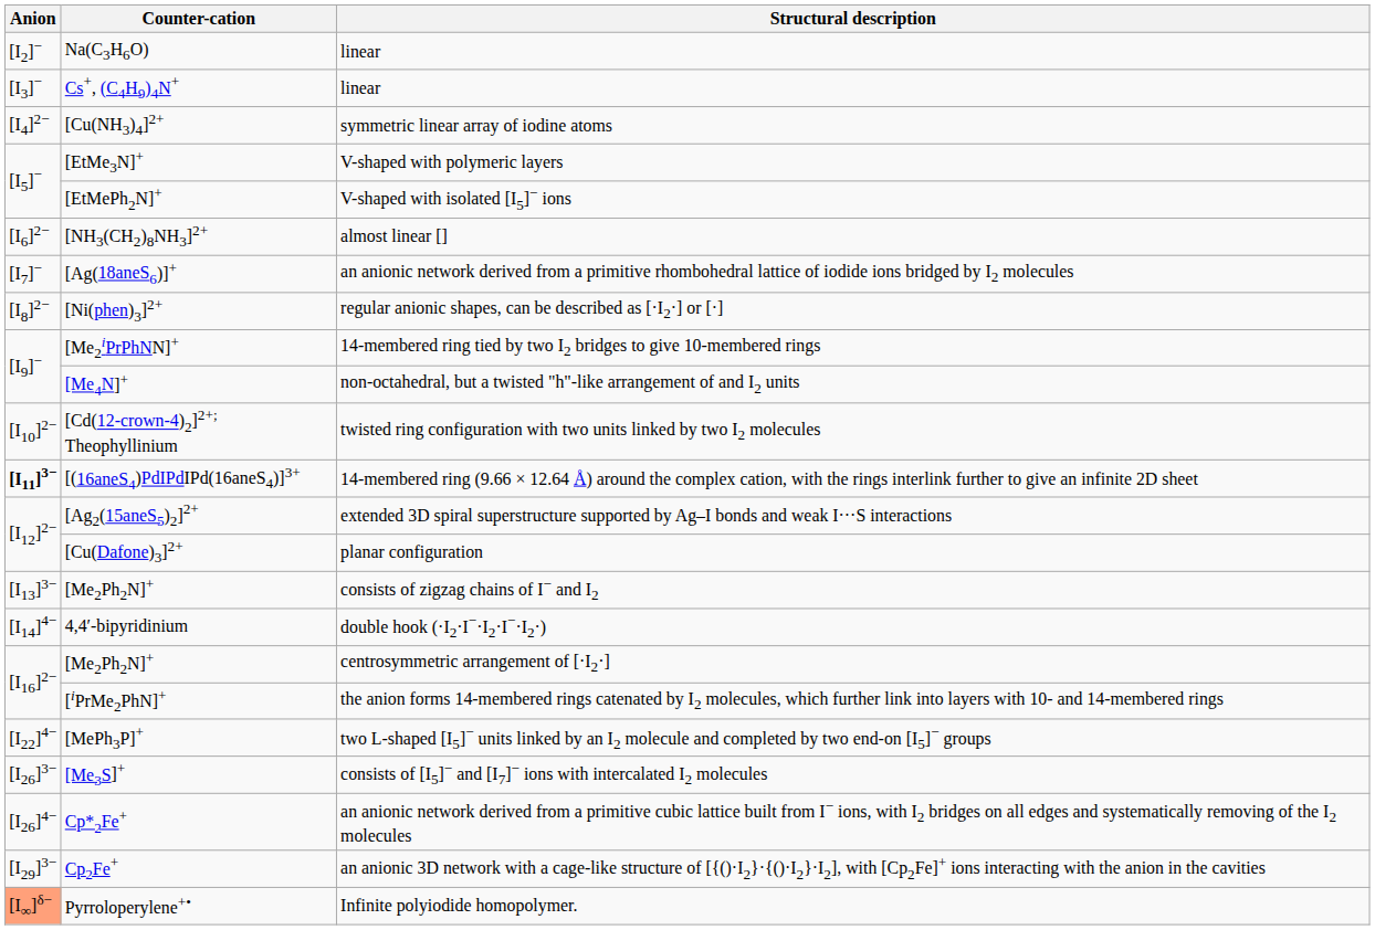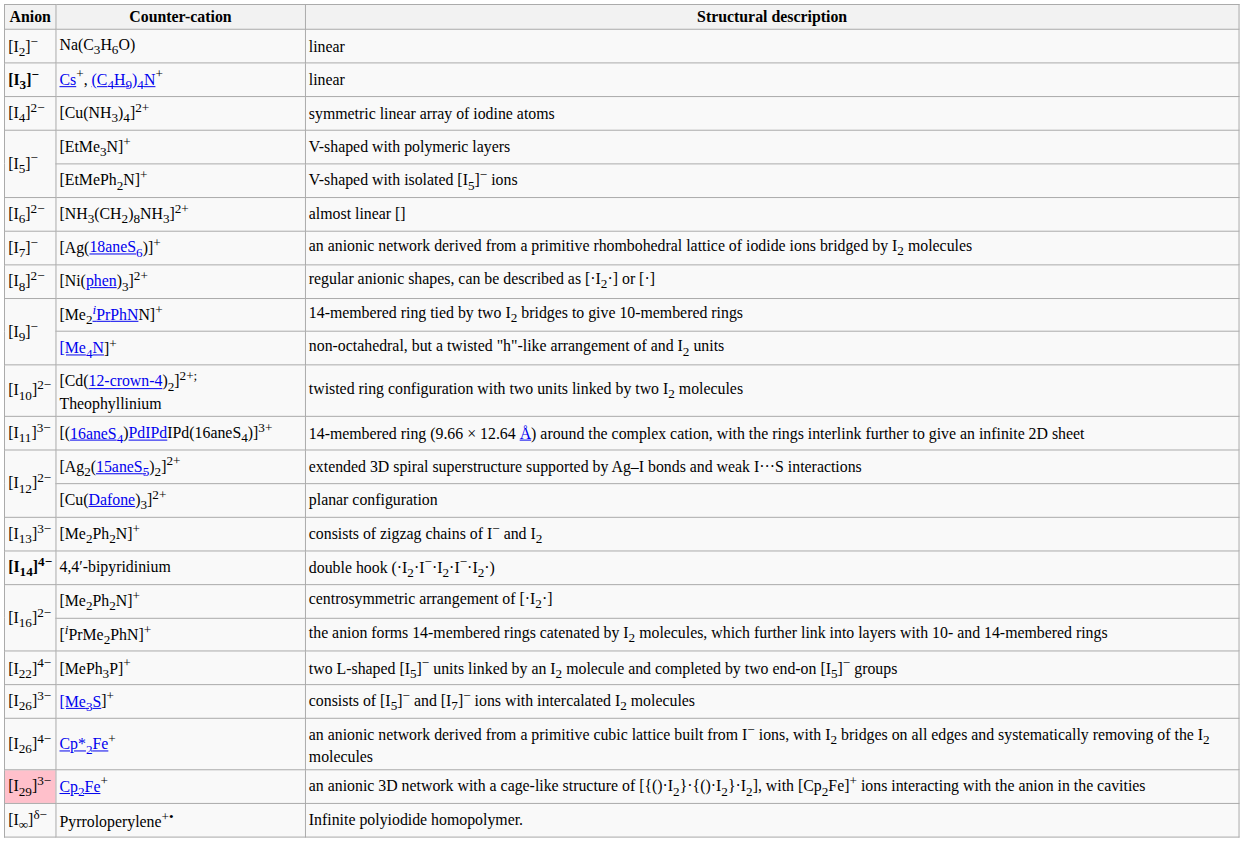 <table class="wikitable">
 <tr>
 <th>Anion</th>
 <th>Counter-cation</th>
 <th>Structural description</th>
 </tr>
 <tr>
 <td>[I<sub>2</sub>]<sup>−</sup></td>
 <td>Na(C<sub>3</sub>H<sub>6</sub>O)</td>
 <td>linear</td>
 </tr>
 <tr>
-<td>[I<sub>3</sub>]<sup>−</sup></td>
+<td><strong>[I<sub>3</sub>]<sup>−</sup></strong></td>
 <td><a href='#'>Cs</a><sup>+</sup>, <a href='#'>(C<sub>4</sub>H<sub>9</sub>)<sub>4</sub>N</a><sup>+</sup></td>
 <td>linear</td>
 </tr>
 <tr>
 <td>[I<sub>4</sub>]<sup>2−</sup></td>
 <td>[Cu(NH<sub>3</sub>)<sub>4</sub>]<sup>2+</sup></td>
 <td>symmetric linear array of iodine atoms</td>
 </tr>
 <tr>
 <td rowspan=2>[I<sub>5</sub>]<sup>−</sup></td>
 <td>[EtMe<sub>3</sub>N]<sup>+</sup></td>
 <td>V-shaped with polymeric layers</td>
 </tr>
 <tr>
 <td>[EtMePh<sub>2</sub>N]<sup>+</sup></td>
 <td>V-shaped with isolated [I<sub>5</sub>]<sup>−</sup> ions</td>
 </tr>
 <tr>
 <td>[I<sub>6</sub>]<sup>2−</sup></td>
 <td>[NH<sub>3</sub>(CH<sub>2</sub>)<sub>8</sub>NH<sub>3</sub>]<sup>2+</sup></td>
 <td>almost linear []</td>
 </tr>
 <tr>
 <td>[I<sub>7</sub>]<sup>−</sup></td>
 <td>[Ag(<a href='#'>18aneS<sub>6</sub></a>)]<sup>+</sup></td>
 <td>an anionic network derived from a primitive rhombohedral lattice of iodide ions bridged by I<sub>2</sub> molecules</td>
 </tr>
 <tr>
 <td>[I<sub>8</sub>]<sup>2−</sup></td>
 <td>[Ni(<a href='#'>phen</a>)<sub>3</sub>]<sup>2+</sup></td>
 <td>regular anionic shapes, can be described as [·I<sub>2</sub>·] or [·]</td>
 </tr>
 <tr>
 <td rowspan=2>[I<sub>9</sub>]<sup>−</sup></td>
 <td>[Me<sub>2</sub><a href='#'><sup><em>i</em></sup>Pr</a><a href='#'>PhN</a>N]<sup>+</sup></td>
 <td>14-membered ring tied by two I<sub>2</sub> bridges to give 10-membered rings</td>
 </tr>
 <tr>
 <td><a href='#'>[Me<sub>4</sub>N</a>]<sup>+</sup></td>
 <td>non-octahedral, but a twisted "h"-like arrangement of  and I<sub>2</sub> units</td>
 </tr>
 <tr>
 <td>[I<sub>10</sub>]<sup>2−</sup></td>
 <td>[Cd(<a href='#'>12-crown-4</a>)<sub>2</sub>]<sup>2+;</sup> Theophyllinium</td>
 <td>twisted ring configuration with two  units linked by two I<sub>2</sub> molecules</td>
 </tr>
 <tr>
-<td><strong>[I<sub>11</sub>]<sup>3−</sup></strong></td>
+<td>[I<sub>11</sub>]<sup>3−</sup></td>
 <td>[(<a href='#'>16aneS<sub>4</sub></a>)<a href='#'>PdIPd</a>IPd(16aneS<sub>4</sub>)]<sup>3+</sup></td>
 <td>14-membered ring (9.66 × 12.64 <a href='#'>Å</a>) around the complex cation, with the rings interlink further to give an infinite 2D sheet</td>
 </tr>
 <tr>
 <td rowspan=2>[I<sub>12</sub>]<sup>2−</sup></td>
 <td>[Ag<sub>2</sub>(<a href='#'>15aneS<sub>5</sub></a>)<sub>2</sub>]<sup>2+</sup></td>
 <td>extended 3D spiral superstructure supported by Ag–I bonds and weak I···S interactions</td>
 </tr>
 <tr>
 <td>[Cu(<a href='#'>Dafone</a>)<sub>3</sub>]<sup>2+</sup></td>
 <td>planar configuration</td>
 </tr>
 <tr>
 <td>[I<sub>13</sub>]<sup>3−</sup></td>
 <td>[Me<sub>2</sub>Ph<sub>2</sub>N]<sup>+</sup></td>
 <td>consists of zigzag chains of I<sup>−</sup> and I<sub>2</sub></td>
 </tr>
 <tr>
-<td>[I<sub>14</sub>]<sup>4−</sup></td>
+<td><strong>[I<sub>14</sub>]<sup>4−</sup></strong></td>
 <td>4,4′-bipyridinium</td>
 <td>double hook (·I<sub>2</sub>·I<sup>−</sup>·I<sub>2</sub>·I<sup>−</sup>·I<sub>2</sub>·)</td>
 </tr>
 <tr>
 <td rowspan=2>[I<sub>16</sub>]<sup>2−</sup></td>
 <td>[Me<sub>2</sub>Ph<sub>2</sub>N]<sup>+</sup></td>
 <td>centrosymmetric arrangement of [·I<sub>2</sub>·]</td>
 </tr>
 <tr>
 <td>[<sup><em>i</em></sup>PrMe<sub>2</sub>PhN]<sup>+</sup></td>
 <td>the anion forms 14-membered rings catenated by I<sub>2</sub> molecules, which further link into layers with 10- and 14-membered rings</td>
 </tr>
 <tr>
 <td>[I<sub>22</sub>]<sup>4−</sup></td>
 <td>[MePh<sub>3</sub>P]<sup>+</sup></td>
 <td>two L-shaped [I<sub>5</sub>]<sup>−</sup> units linked by an I<sub>2</sub> molecule and completed by two end-on [I<sub>5</sub>]<sup>−</sup> groups</td>
 </tr>
 <tr>
 <td>[I<sub>26</sub>]<sup>3−</sup></td>
 <td><a href='#'>[Me<sub>3</sub>S</a>]<sup>+</sup></td>
 <td>consists of [I<sub>5</sub>]<sup>−</sup> and [I<sub>7</sub>]<sup>−</sup> ions with intercalated I<sub>2</sub> molecules</td>
 </tr>
 <tr>
 <td>[I<sub>26</sub>]<sup>4−</sup></td>
 <td><a href='#'>Cp*<sub>2</sub>Fe</a><sup>+</sup></td>
 <td>an anionic network derived from a primitive cubic lattice built from I<sup>−</sup> ions, with I<sub>2</sub> bridges on all edges and systematically removing  of the I<sub>2</sub> molecules</td>
 </tr>
 <tr>
-<td>[I<sub>29</sub>]<sup>3−</sup></td>
+<td style="background: pink;">[I<sub>29</sub>]<sup>3−</sup></td>
 <td><a href='#'>Cp<sub>2</sub>Fe</a><sup>+</sup></td>
 <td>an anionic 3D network with a cage-like structure of [{()<sub></sub>·I<sub>2</sub>}·{()<sub></sub>·I<sub>2</sub>}·I<sub>2</sub>], with [Cp<sub>2</sub>Fe]<sup>+</sup> ions interacting with the anion in the cavities</td>
 </tr>
 <tr>
-<td style="background: lightsalmon;">[I<sub>∞</sub>]<sup>δ−</sup></td>
+<td>[I<sub>∞</sub>]<sup>δ−</sup></td>
 <td>Pyrroloperylene<sup>+•</sup></td>
 <td>Infinite polyiodide homopolymer.</td>
 </tr>
 </table>
